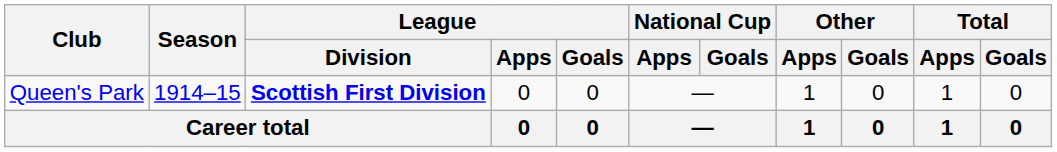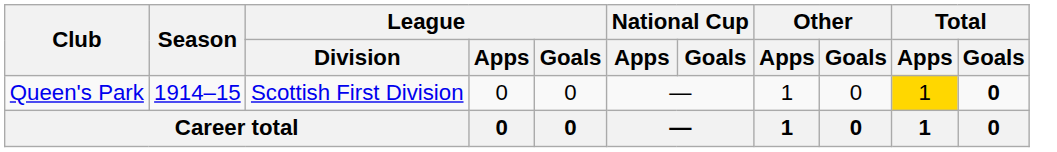 <table class="wikitable" style="text-align: center;">
 <tr>
 <th rowspan="2">Club</th>
 <th rowspan="2">Season</th>
 <th colspan="3">League</th>
 <th colspan="2">National Cup</th>
 <th colspan="2">Other</th>
 <th colspan="2">Total</th>
 </tr>
 <tr>
 <th>Division</th>
 <th>Apps</th>
 <th>Goals</th>
 <th>Apps</th>
 <th>Goals</th>
 <th>Apps</th>
 <th>Goals</th>
 <th>Apps</th>
 <th>Goals</th>
 </tr>
 <tr>
 <td><a href='#'>Queen's Park</a></td>
 <td><a href='#'>1914–15</a></td>
-<td><strong><a href='#'>Scottish First Division</a></strong></td>
+<td><a href='#'>Scottish First Division</a></td>
 <td>0</td>
 <td>0</td>
 <td colspan="2">—</td>
 <td>1</td>
 <td>0</td>
-<td>1</td>
-<td>0</td>
+<td style="background: gold;">1</td>
+<td><strong>0</strong></td>
 </tr>
 <tr>
 <th colspan="3">Career total</th>
 <th>0</th>
 <th>0</th>
 <th colspan="2">—</th>
 <th>1</th>
 <th>0</th>
 <th>1</th>
 <th>0</th>
 </tr>
 </table>
